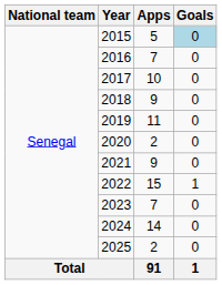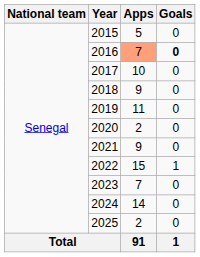 <table class="wikitable" style="text-align: center;">
 <tr>
 <th>National team</th>
 <th>Year</th>
 <th>Apps</th>
 <th>Goals</th>
 </tr>
 <tr>
 <td rowspan="11"><a href='#'>Senegal</a></td>
 <td>2015</td>
 <td>5</td>
-<td style="background: lightblue;">0</td>
+<td>0</td>
 </tr>
 <tr>
 <td>2016</td>
-<td>7</td>
-<td>0</td>
+<td style="background: lightsalmon;">7</td>
+<td><strong>0</strong></td>
 </tr>
 <tr>
 <td>2017</td>
 <td>10</td>
 <td>0</td>
 </tr>
 <tr>
 <td>2018</td>
 <td>9</td>
 <td>0</td>
 </tr>
 <tr>
 <td>2019</td>
 <td>11</td>
 <td>0</td>
 </tr>
 <tr>
 <td>2020</td>
 <td>2</td>
 <td>0</td>
 </tr>
 <tr>
 <td>2021</td>
 <td>9</td>
 <td>0</td>
 </tr>
 <tr>
 <td>2022</td>
 <td>15</td>
 <td>1</td>
 </tr>
 <tr>
 <td>2023</td>
 <td>7</td>
 <td>0</td>
 </tr>
 <tr>
 <td>2024</td>
 <td>14</td>
 <td>0</td>
 </tr>
 <tr>
 <td>2025</td>
 <td>2</td>
 <td>0</td>
 </tr>
 <tr>
 <th colspan="2">Total</th>
 <th>91</th>
 <th>1</th>
 </tr>
 </table>
